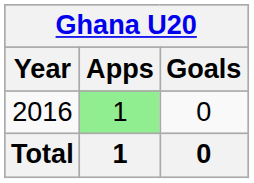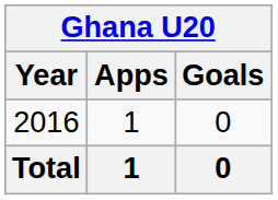 <table class="wikitable" style="text-align:center">
 <tr>
 <th colspan=3><a href='#'>Ghana U20</a></th>
 </tr>
 <tr>
 <th>Year</th>
 <th>Apps</th>
 <th>Goals</th>
 </tr>
 <tr>
 <td>2016</td>
-<td style="background: lightgreen;">1</td>
+<td>1</td>
 <td>0</td>
 </tr>
 <tr>
 <th>Total</th>
 <th>1</th>
 <th>0</th>
 </tr>
 </table>
